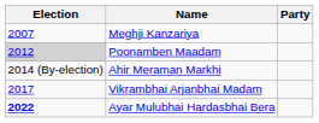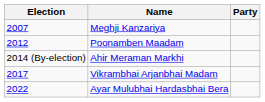 <table class="wikitable sortable">
 <tr>
 <th>Election</th>
 <th>Name</th>
 <th colspan=2>Party</th>
 </tr>
 <tr>
 <td><a href='#'>2007</a></td>
 <td><a href='#'>Meghji Kanzariya</a></td>
 <td></td>
 </tr>
 <tr>
-<td style="background: lightgrey;"><a href='#'>2012</a></td>
+<td><a href='#'>2012</a></td>
 <td><a href='#'>Poonamben Maadam</a></td>
 </tr>
 <tr>
 <td>2014 (By-election)</td>
 <td><a href='#'>Ahir Meraman Markhi</a></td>
 <td></td>
 </tr>
 <tr>
 <td><a href='#'>2017</a></td>
 <td><a href='#'>Vikrambhai Arjanbhai Madam</a></td>
 </tr>
 <tr>
-<td><strong><a href='#'>2022</a></strong></td>
+<td><a href='#'>2022</a></td>
 <td><a href='#'>Ayar Mulubhai Hardasbhai Bera</a></td>
 <td></td>
 </tr>
 </table>
